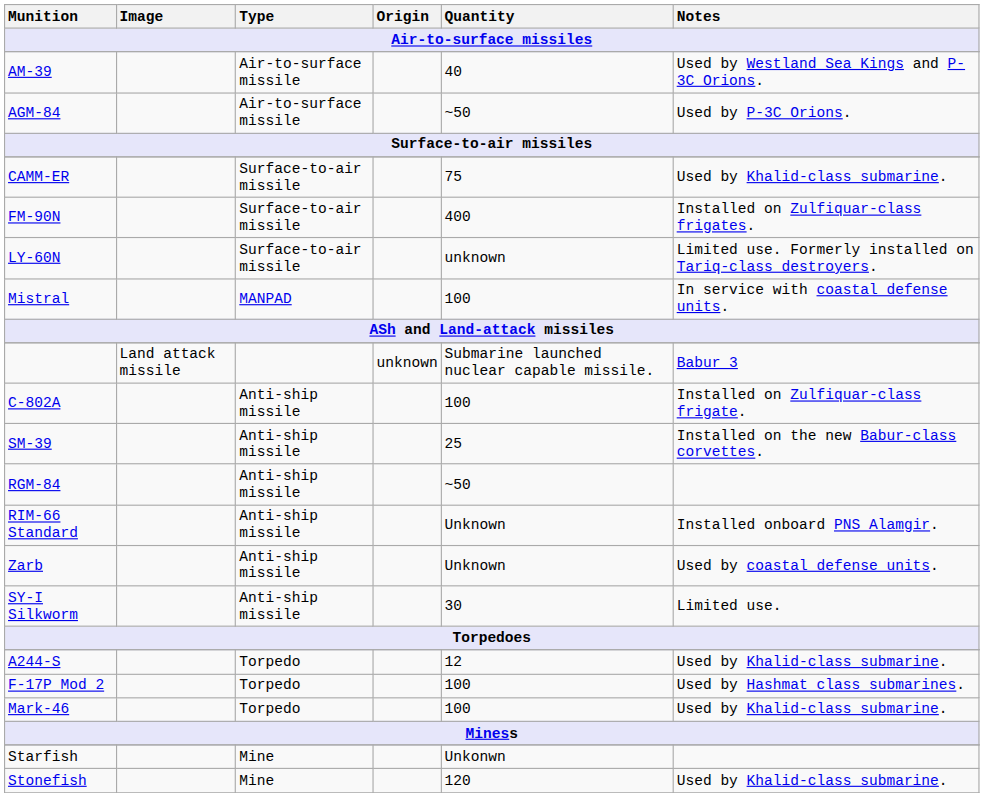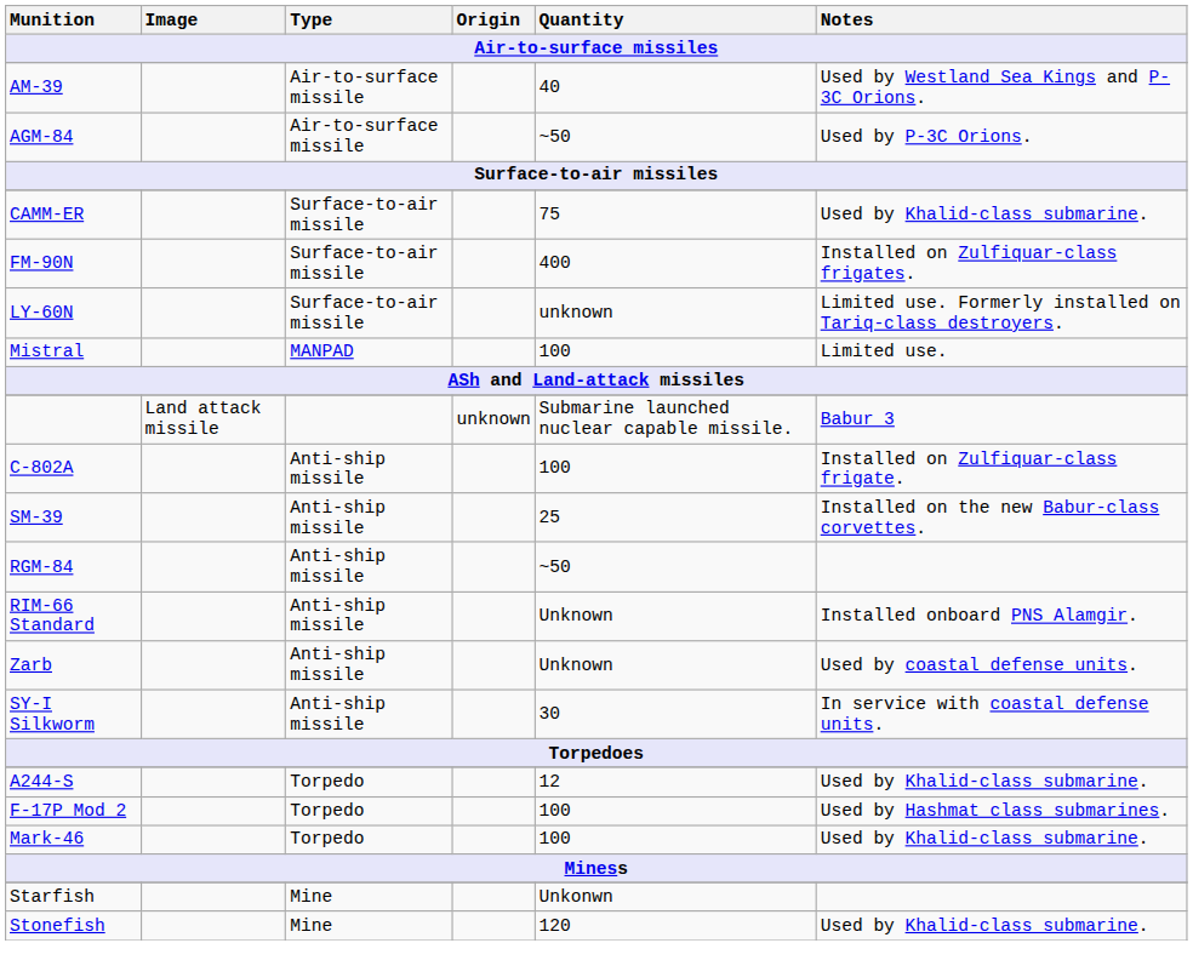 <table class="wikitable">
 <tr>
 <th style="text-align: left;">Munition</th>
 <th style="text-align: left;">Image</th>
 <th style="text-align: left;">Type</th>
 <th style="text-align: left;">Origin</th>
 <th style="text-align: left;">Quantity</th>
 <th style="text-align: left;">Notes</th>
 </tr>
 <tr>
 <th style="align: center; background: lavender;" colspan="7"><a href='#'>Air-to-surface missiles</a></th>
 </tr>
 <tr --->
 </tr>
 <tr>
 <td><a href='#'>AM-39</a></td>
 <td></td>
 <td>Air-to-surface missile</td>
 <td></td>
 <td>40 </td>
 <td>Used by <a href='#'>Westland Sea Kings</a> and <a href='#'>P-3C Orions</a>. </td>
 </tr>
 <tr>
 <td><a href='#'>AGM-84</a></td>
 <td></td>
 <td>Air-to-surface missile</td>
 <td></td>
 <td>~50</td>
 <td>Used by <a href='#'>P-3C Orions</a>. </td>
 </tr>
 <tr>
 <th style="align: center; background: lavender;" colspan="7">Surface-to-air missiles</th>
 </tr>
 <tr --->
 </tr>
 <tr>
 <td><a href='#'>CAMM-ER</a></td>
 <td></td>
 <td>Surface-to-air missile</td>
 <td><br></td>
 <td>75</td>
 <td>Used by <a href='#'>Khalid-class submarine</a>. </td>
 </tr>
 <tr>
 <td><a href='#'>FM-90N</a></td>
 <td></td>
 <td>Surface-to-air missile</td>
 <td></td>
 <td>400</td>
 <td>Installed on <a href='#'>Zulfiquar-class frigates</a>.</td>
 </tr>
 <tr>
 <td><a href='#'>LY-60N</a></td>
 <td></td>
 <td>Surface-to-air missile</td>
 <td></td>
 <td>unknown</td>
 <td>Limited use. Formerly installed on <a href='#'>Tariq-class destroyers</a>. </td>
 </tr>
 <tr>
 <td><a href='#'>Mistral</a></td>
 <td></td>
 <td><a href='#'>MANPAD</a></td>
 <td></td>
 <td>100</td>
-<td>In service with <a href='#'>coastal defense units</a>. </td>
+<td>Limited use. </td>
 </tr>
 <tr>
 <th style="align: center; background: lavender;" colspan="7"><a href='#'>ASh</a> and <a href='#'>Land-attack</a> missiles</th>
 </tr>
 <tr --->
 </tr>
 <tr | >
 <td></td>
 <td>Land attack missile</td>
 <td></td>
 <td>unknown</td>
 <td>Submarine launched nuclear capable missile. </td>
 <td><a href='#'>Babur 3</a></td>
 </tr>
 <tr>
 <td><a href='#'>C-802A</a></td>
 <td></td>
 <td>Anti-ship missile</td>
 <td></td>
 <td>100</td>
 <td>Installed on <a href='#'>Zulfiquar-class frigate</a>. </td>
 </tr>
 <tr>
 <td><a href='#'>SM-39</a></td>
 <td></td>
 <td>Anti-ship missile</td>
 <td></td>
 <td>25</td>
 <td>Installed on the new <a href='#'>Babur-class corvettes</a>. </td>
 </tr>
 <tr>
 <td><a href='#'>RGM-84</a></td>
 <td></td>
 <td>Anti-ship missile</td>
 <td></td>
 <td>~50</td>
 <td></td>
 </tr>
 <tr>
 <td><a href='#'>RIM-66 Standard</a></td>
 <td></td>
 <td>Anti-ship missile</td>
 <td></td>
 <td>Unknown</td>
 <td>Installed onboard <a href='#'>PNS Alamgir</a>.</td>
 </tr>
 <tr>
 <td><a href='#'>Zarb</a></td>
 <td></td>
 <td>Anti-ship missile</td>
 <td><br></td>
 <td>Unknown</td>
 <td>Used by <a href='#'>coastal defense units</a>. </td>
 </tr>
 <tr>
 <td><a href='#'>SY-I Silkworm</a></td>
 <td></td>
 <td>Anti-ship missile</td>
 <td></td>
 <td>30</td>
-<td>Limited use. </td>
+<td>In service with <a href='#'>coastal defense units</a>. </td>
 </tr>
 <tr>
 <th style="align: center; background: lavender;" colspan="7">Torpedoes</th>
 </tr>
 <tr --->
 </tr>
 <tr>
 <td><a href='#'>A244-S</a></td>
 <td></td>
 <td>Torpedo</td>
 <td></td>
 <td>12</td>
 <td>Used by <a href='#'>Khalid-class submarine</a>.</td>
 </tr>
 <tr>
 <td><a href='#'>F-17P Mod 2</a></td>
 <td></td>
 <td>Torpedo</td>
 <td></td>
 <td>100</td>
 <td>Used by <a href='#'>Hashmat class submarines</a>.</td>
 </tr>
 <tr>
 <td><a href='#'>Mark-46</a></td>
 <td></td>
 <td>Torpedo</td>
 <td></td>
 <td>100</td>
 <td>Used by <a href='#'>Khalid-class submarine</a>.</td>
 </tr>
 <tr>
 <th style="align: center; background: lavender;" colspan="7"><a href='#'>Mines</a>s</th>
 </tr>
 <tr --->
 </tr>
 <tr>
 <td>Starfish</td>
 <td></td>
 <td>Mine</td>
 <td></td>
 <td>Unkonwn</td>
 <td></td>
 </tr>
 <tr>
 <td><a href='#'>Stonefish</a></td>
 <td></td>
 <td>Mine</td>
 <td></td>
 <td>120</td>
 <td>Used by <a href='#'>Khalid-class submarine</a>.</td>
 </tr>
 <tr>
 </tr>
 </table>
